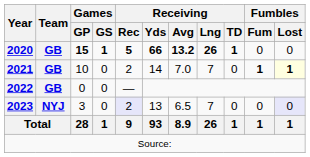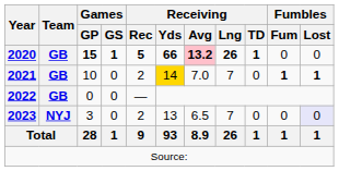 <table class="wikitable" style="text-align: center;">
 <tr>
 <th rowspan="2">Year</th>
 <th rowspan="2">Team</th>
 <th colspan="2">Games</th>
 <th colspan="5">Receiving</th>
 <th colspan="2">Fumbles</th>
 </tr>
 <tr>
 <th>GP</th>
 <th>GS</th>
 <th>Rec</th>
 <th>Yds</th>
 <th>Avg</th>
 <th>Lng</th>
 <th>TD</th>
 <th>Fum</th>
 <th>Lost</th>
 </tr>
 <tr>
 <th><a href='#'>2020</a></th>
 <th><a href='#'>GB</a></th>
 <td><strong>15</strong></td>
 <td><strong>1</strong></td>
 <td><strong>5</strong></td>
 <td><strong>66</strong></td>
-<td><strong>13.2</strong></td>
+<td style="background: pink;"><strong>13.2</strong></td>
 <td><strong>26</strong></td>
 <td><strong>1</strong></td>
 <td>0</td>
 <td>0</td>
 </tr>
 <tr>
 <th><a href='#'>2021</a></th>
 <th><a href='#'>GB</a></th>
 <td>10</td>
 <td>0</td>
 <td>2</td>
-<td>14</td>
+<td style="background: gold;">14</td>
 <td>7.0</td>
 <td>7</td>
 <td>0</td>
 <td><strong>1</strong></td>
-<td style="background: lightyellow;"><strong>1</strong></td>
+<td><strong>1</strong></td>
 </tr>
 <tr>
 <th><a href='#'>2022</a></th>
 <th><a href='#'>GB</a></th>
 <td>0</td>
 <td>0</td>
 <td>—</td>
 <td colspan="7"></td>
 </tr>
 <tr>
 <th><a href='#'>2023</a></th>
 <th><a href='#'>NYJ</a></th>
 <td>3</td>
 <td>0</td>
-<td style="background: lavender;">2</td>
+<td>2</td>
 <td>13</td>
 <td>6.5</td>
 <td>7</td>
 <td>0</td>
 <td>0</td>
 <td style="background: lavender;">0</td>
 </tr>
 <tr>
 <th colspan="2">Total</th>
 <th>28</th>
 <th>1</th>
 <th>9</th>
 <th>93</th>
 <th>8.9</th>
 <th>26</th>
 <th>1</th>
 <th>1</th>
 <th>1</th>
 </tr>
 <tr>
 <td colspan="11"><small>Source: </small></td>
 </tr>
 </table>
